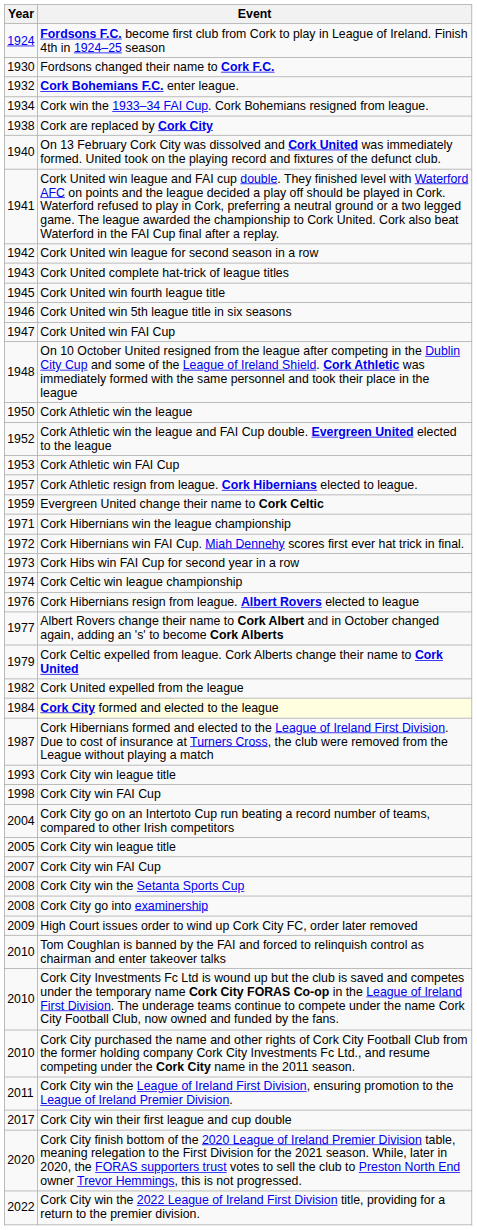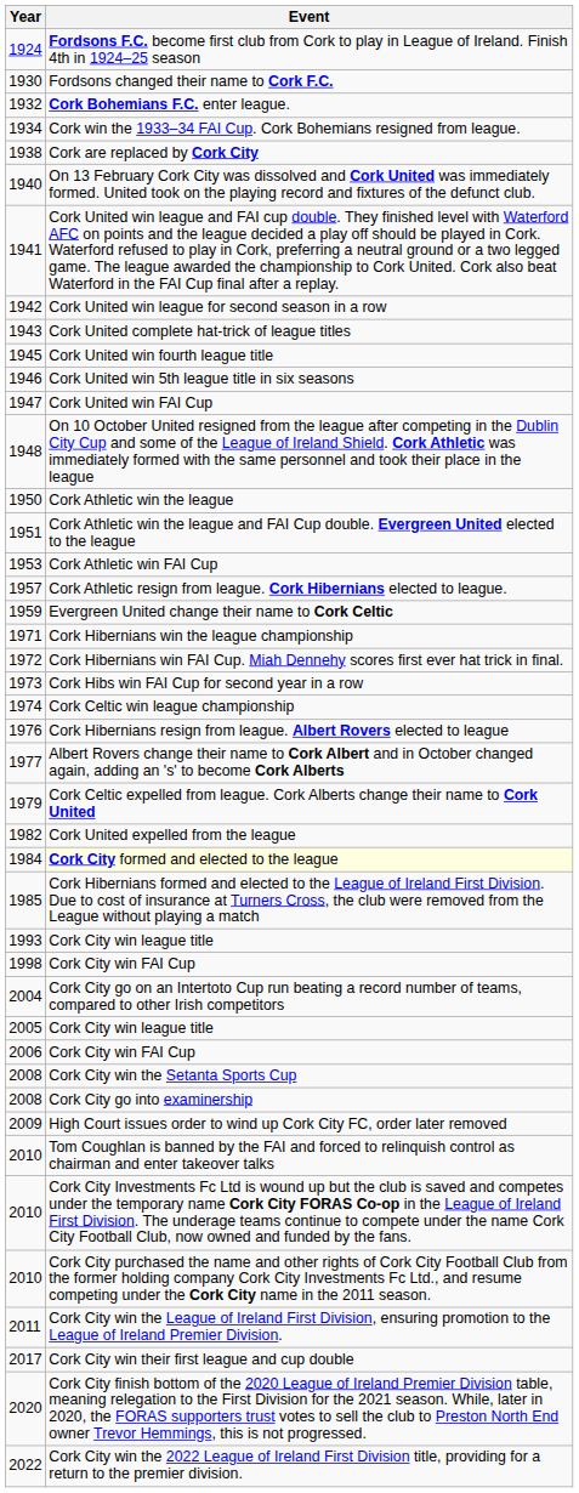 <table class="wikitable collapsible">
 <tr>
 <th>Year</th>
 <th>Event</th>
 </tr>
 <tr>
 <td><a href='#'>1924</a></td>
 <td><strong><a href='#'>Fordsons F.C.</a></strong> become first club from Cork to play in League of Ireland. Finish 4th in <a href='#'>1924–25</a> season</td>
 </tr>
 <tr>
 <td>1930</td>
 <td>Fordsons changed their name to <strong><a href='#'>Cork F.C.</a></strong></td>
 </tr>
 <tr>
 <td>1932</td>
 <td><strong><a href='#'>Cork Bohemians F.C.</a></strong> enter league.</td>
 </tr>
 <tr>
 <td>1934</td>
 <td>Cork win the <a href='#'>1933–34 FAI Cup</a>. Cork Bohemians resigned from league.</td>
 </tr>
 <tr>
 <td>1938</td>
 <td>Cork are replaced by <strong><a href='#'>Cork City</a></strong></td>
 </tr>
 <tr>
 <td>1940</td>
 <td>On 13 February Cork City was dissolved and <strong><a href='#'>Cork United</a></strong> was immediately formed. United took on the playing record and fixtures of the defunct club.</td>
 </tr>
 <tr>
 <td>1941</td>
 <td>Cork United win league and FAI cup <a href='#'>double</a>. They finished level with <a href='#'>Waterford AFC</a> on points and the league decided a play off should be played in Cork. Waterford refused to play in Cork, preferring a neutral ground or a two legged game. The league awarded the championship to Cork United. Cork also beat Waterford in the FAI Cup final after a replay.</td>
 </tr>
 <tr>
 <td>1942</td>
 <td>Cork United win league for second season in a row</td>
 </tr>
 <tr>
 <td>1943</td>
 <td>Cork United complete hat-trick of league titles</td>
 </tr>
 <tr>
 <td>1945</td>
 <td>Cork United win fourth league title</td>
 </tr>
 <tr>
 <td>1946</td>
 <td>Cork United win 5th league title in six seasons</td>
 </tr>
 <tr>
 <td>1947</td>
 <td>Cork United win FAI Cup</td>
 </tr>
 <tr>
 <td>1948</td>
 <td>On 10 October United resigned from the league after competing in the <a href='#'>Dublin City Cup</a> and some of the <a href='#'>League of Ireland Shield</a>. <strong><a href='#'>Cork Athletic</a></strong> was immediately formed with the same personnel and took their place in the league</td>
 </tr>
 <tr>
 <td>1950</td>
 <td>Cork Athletic win the league</td>
 </tr>
 <tr>
-<td>1952</td>
+<td>1951</td>
 <td>Cork Athletic win the league and FAI Cup double. <strong><a href='#'>Evergreen United</a></strong> elected to the league</td>
 </tr>
 <tr>
 <td>1953</td>
 <td>Cork Athletic win FAI Cup</td>
 </tr>
 <tr>
 <td>1957</td>
 <td>Cork Athletic resign from league. <strong><a href='#'>Cork Hibernians</a></strong> elected to league.</td>
 </tr>
 <tr>
 <td>1959</td>
 <td>Evergreen United change their name to <strong>Cork Celtic</strong></td>
 </tr>
 <tr>
 <td>1971</td>
 <td>Cork Hibernians win the league championship</td>
 </tr>
 <tr>
 <td>1972</td>
 <td>Cork Hibernians win FAI Cup. <a href='#'>Miah Dennehy</a> scores first ever hat trick in final.</td>
 </tr>
 <tr>
 <td>1973</td>
 <td>Cork Hibs win FAI Cup for second year in a row</td>
 </tr>
 <tr>
 <td>1974</td>
 <td>Cork Celtic win league championship</td>
 </tr>
 <tr>
 <td>1976</td>
 <td>Cork Hibernians resign from league. <strong><a href='#'>Albert Rovers</a></strong> elected to league</td>
 </tr>
 <tr>
 <td>1977</td>
 <td>Albert Rovers change their name to <strong>Cork Albert</strong> and in October changed again, adding an 's' to become <strong>Cork Alberts</strong></td>
 </tr>
 <tr>
 <td>1979</td>
 <td>Cork Celtic expelled from league. Cork Alberts change their name to <strong><a href='#'>Cork United</a></strong></td>
 </tr>
 <tr>
 <td>1982</td>
 <td>Cork United expelled from the league</td>
 </tr>
 <tr>
 <td>1984</td>
 <td style="background: lightyellow;"><strong><a href='#'>Cork City</a></strong> formed and elected to the league</td>
 </tr>
 <tr>
-<td>1987</td>
+<td>1985</td>
 <td>Cork Hibernians formed and elected to the <a href='#'>League of Ireland First Division</a>. Due to cost of insurance at <a href='#'>Turners Cross</a>, the club were removed from the League without playing a match</td>
 </tr>
 <tr>
 <td>1993</td>
 <td>Cork City win league title</td>
 </tr>
 <tr>
 <td>1998</td>
 <td>Cork City win FAI Cup</td>
 </tr>
 <tr>
 <td>2004</td>
 <td>Cork City go on an Intertoto Cup run beating a record number of teams, compared to other Irish competitors</td>
 </tr>
 <tr>
 <td>2005</td>
 <td>Cork City win league title</td>
 </tr>
 <tr>
-<td>2007</td>
+<td>2006</td>
 <td>Cork City win FAI Cup</td>
 </tr>
 <tr>
 <td>2008</td>
 <td>Cork City win the <a href='#'>Setanta Sports Cup</a></td>
 </tr>
 <tr>
 <td>2008</td>
 <td>Cork City go into <a href='#'>examinership</a></td>
 </tr>
 <tr>
 <td>2009</td>
 <td>High Court issues order to wind up Cork City FC, order later removed</td>
 </tr>
 <tr>
 <td>2010</td>
 <td>Tom Coughlan is banned by the FAI and forced to relinquish control as chairman and enter takeover talks</td>
 </tr>
 <tr>
 <td>2010</td>
 <td>Cork City Investments Fc Ltd is wound up but the club is saved and competes under the temporary name <strong>Cork City FORAS Co-op</strong> in the <a href='#'>League of Ireland First Division</a>. The underage teams continue to compete under the name Cork City Football Club, now owned and funded by the fans.</td>
 </tr>
 <tr>
 <td>2010</td>
 <td>Cork City purchased the name and other rights of Cork City Football Club from the former holding company Cork City Investments Fc Ltd., and resume competing under the <strong>Cork City</strong> name in the 2011 season.</td>
 </tr>
 <tr>
 <td>2011</td>
 <td>Cork City win the <a href='#'>League of Ireland First Division</a>, ensuring promotion to the <a href='#'>League of Ireland Premier Division</a>.</td>
 </tr>
 <tr>
 <td>2017</td>
 <td>Cork City win their first league and cup double</td>
 </tr>
 <tr>
 <td>2020</td>
 <td>Cork City finish bottom of the <a href='#'>2020 League of Ireland Premier Division</a> table, meaning relegation to the First Division for the 2021 season. While, later in 2020, the <a href='#'>FORAS supporters trust</a> votes to sell the club to <a href='#'>Preston North End</a> owner <a href='#'>Trevor Hemmings</a>, this is not progressed.</td>
 </tr>
 <tr>
 <td>2022</td>
 <td>Cork City win the <a href='#'>2022 League of Ireland First Division</a> title, providing for a return to the premier division.</td>
 </tr>
 </table>
